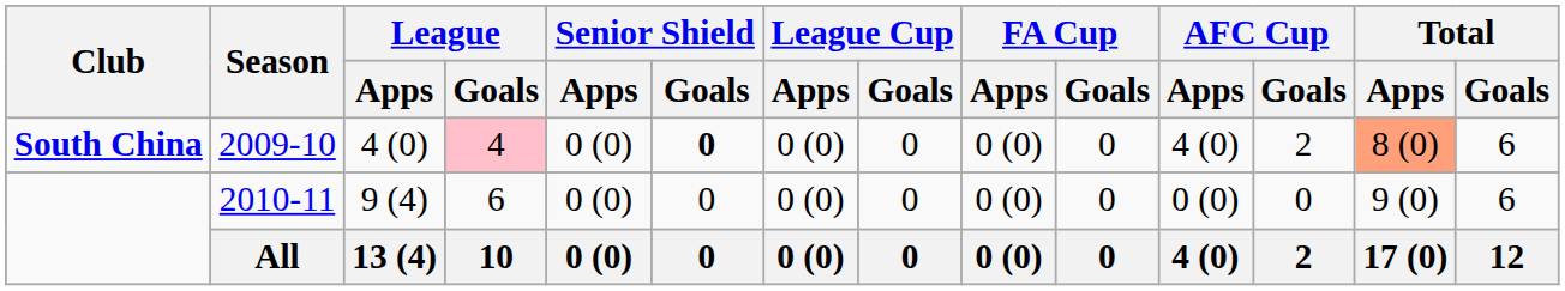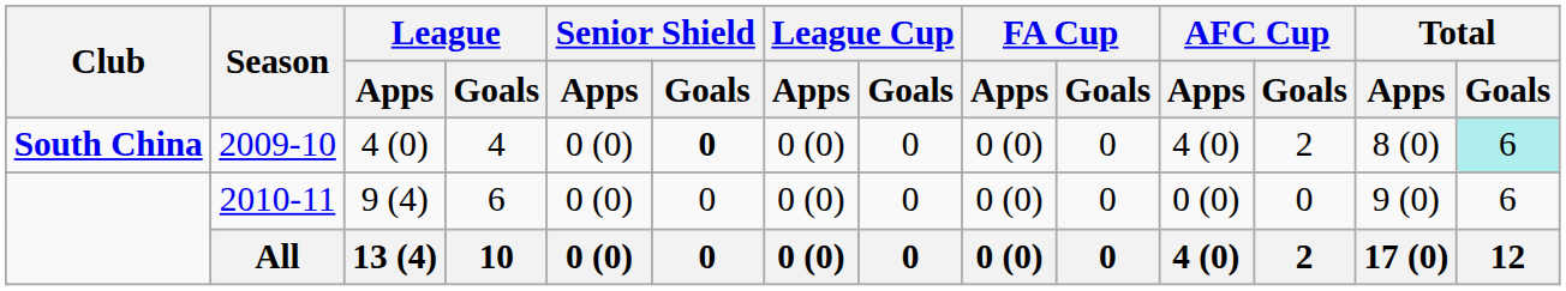 <table class="wikitable" style="text-align: center;">
 <tr>
 <th rowspan="2">Club</th>
 <th rowspan="2">Season</th>
 <th colspan="2"><a href='#'>League</a></th>
 <th colspan="2"><a href='#'>Senior Shield</a></th>
 <th colspan="2"><a href='#'>League Cup</a></th>
 <th colspan="2"><a href='#'>FA Cup</a></th>
 <th colspan="2"><a href='#'>AFC Cup</a></th>
 <th colspan="2">Total</th>
 </tr>
 <tr>
 <th>Apps</th>
 <th>Goals</th>
 <th>Apps</th>
 <th>Goals</th>
 <th>Apps</th>
 <th>Goals</th>
 <th>Apps</th>
 <th>Goals</th>
 <th>Apps</th>
 <th>Goals</th>
 <th>Apps</th>
 <th>Goals</th>
 </tr>
 <tr>
 <td rowspan="1" valign="top"><strong><a href='#'>South China</a></strong></td>
 <td><a href='#'>2009-10</a></td>
 <td>4 (0)</td>
-<td style="background: pink;">4</td>
+<td>4</td>
 <td>0 (0)</td>
 <td><strong>0</strong></td>
 <td>0 (0)</td>
 <td>0</td>
 <td>0 (0)</td>
 <td>0</td>
 <td>4 (0)</td>
 <td>2</td>
-<td style="background: lightsalmon;">8 (0)</td>
-<td>6</td>
+<td>8 (0)</td>
+<td style="background: paleturquoise;">6</td>
 </tr>
 <tr>
 <td rowspan="2" valign="top"></td>
 <td><a href='#'>2010-11</a></td>
 <td>9 (4)</td>
 <td>6</td>
 <td>0 (0)</td>
 <td>0</td>
 <td>0 (0)</td>
 <td>0</td>
 <td>0 (0)</td>
 <td>0</td>
 <td>0 (0)</td>
 <td>0</td>
 <td>9 (0)</td>
 <td>6</td>
 </tr>
 <tr>
 <th>All</th>
 <th>13 (4)</th>
 <th>10</th>
 <th>0 (0)</th>
 <th>0</th>
 <th>0 (0)</th>
 <th>0</th>
 <th>0 (0)</th>
 <th>0</th>
 <th>4 (0)</th>
 <th>2</th>
 <th>17 (0)</th>
 <th>12</th>
 </tr>
 </table>
